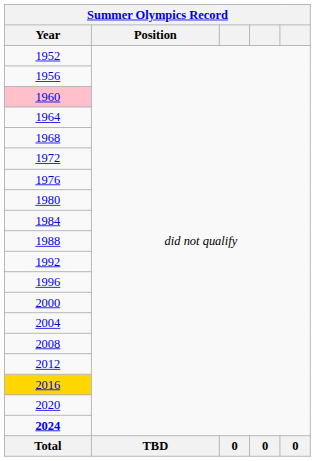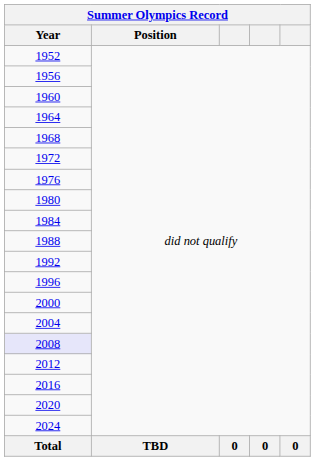 <table class="wikitable collapsible autocollapse"  style="text-align:center; font-size:95%; width:60%;">
 <tr>
 <th colspan=5><a href='#'>Summer Olympics Record</a></th>
 </tr>
 <tr>
 <th>Year</th>
 <th>Position</th>
 <th width=30></th>
 <th width=30></th>
 <th width=30></th>
 </tr>
 <tr>
 <td> <a href='#'>1952</a></td>
 <td colspan="20" rowspan="19" style="text-align:center;"><em>did not qualify</em></td>
 </tr>
 <tr>
 <td> <a href='#'>1956</a></td>
 </tr>
 <tr>
-<td style="background: pink;"> <a href='#'>1960</a></td>
+<td> <a href='#'>1960</a></td>
 </tr>
 <tr>
 <td> <a href='#'>1964</a></td>
 </tr>
 <tr>
 <td> <a href='#'>1968</a></td>
 </tr>
 <tr>
 <td> <a href='#'>1972</a></td>
 </tr>
 <tr>
 <td> <a href='#'>1976</a></td>
 </tr>
 <tr>
 <td> <a href='#'>1980</a></td>
 </tr>
 <tr>
 <td> <a href='#'>1984</a></td>
 </tr>
 <tr>
 <td> <a href='#'>1988</a></td>
 </tr>
 <tr>
 <td> <a href='#'>1992</a></td>
 </tr>
 <tr>
 <td> <a href='#'>1996</a></td>
 </tr>
 <tr>
 <td> <a href='#'>2000</a></td>
 </tr>
 <tr>
 <td> <a href='#'>2004</a></td>
 </tr>
 <tr>
-<td> <a href='#'>2008</a></td>
+<td style="background: lavender;"> <a href='#'>2008</a></td>
 </tr>
 <tr>
 <td> <a href='#'>2012</a></td>
 </tr>
 <tr>
-<td style="background: gold;"> <a href='#'>2016</a></td>
+<td> <a href='#'>2016</a></td>
 </tr>
 <tr>
 <td> <a href='#'>2020</a></td>
 </tr>
 <tr>
-<td><strong> <a href='#'>2024</a></strong></td>
+<td> <a href='#'>2024</a></td>
 </tr>
 <tr>
 <th>Total</th>
 <th>TBD</th>
 <th>0</th>
 <th>0</th>
 <th>0</th>
 </tr>
 </table>
